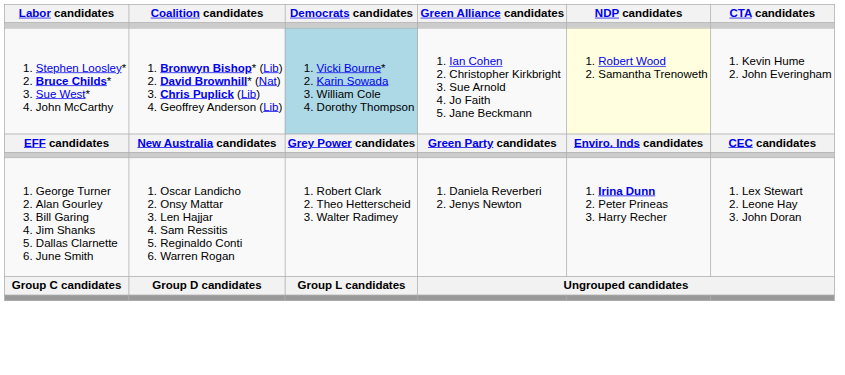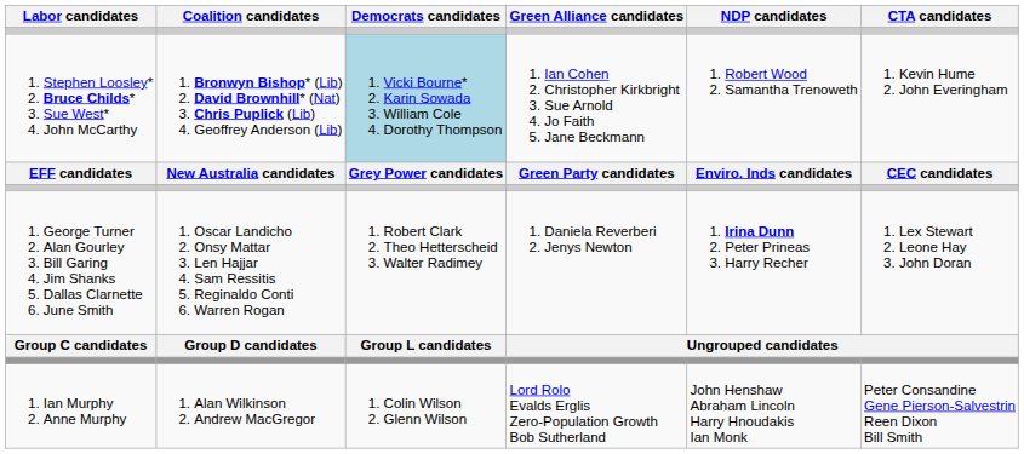 <table class="wikitable">
 <tr>
 <th><a href='#'>Labor</a> candidates</th>
 <th><a href='#'>Coalition</a> candidates</th>
 <th><a href='#'>Democrats</a> candidates</th>
 <th><a href='#'>Green Alliance</a> candidates</th>
 <th><a href='#'>NDP</a> candidates</th>
 <th><a href='#'>CTA</a> candidates</th>
 </tr>
 <tr bgcolor="#cccccc">
 <td></td>
 <td></td>
 <td></td>
 <td></td>
 <td></td>
 <td></td>
 </tr>
 <tr>
 <td><br><ol><li><a href='#'>Stephen Loosley</a>*</li><li><strong><a href='#'>Bruce Childs</a></strong>*</li><li><a href='#'>Sue West</a>*</li><li>John McCarthy</li></ol></td>
 <td><br><ol><li><strong><a href='#'>Bronwyn Bishop</a></strong>* (<a href='#'>Lib</a>)</li><li><strong><a href='#'>David Brownhill</a></strong>* (<a href='#'>Nat</a>)</li><li><strong><a href='#'>Chris Puplick</a></strong> (<a href='#'>Lib</a>)</li><li>Geoffrey Anderson (<a href='#'>Lib</a>)</li></ol></td>
 <td style="background: lightblue;"><br><ol><li><a href='#'>Vicki Bourne</a>*</li><li><a href='#'>Karin Sowada</a></li><li>William Cole</li><li>Dorothy Thompson</li></ol></td>
 <td valign=top><br><ol><li><a href='#'>Ian Cohen</a></li><li>Christopher Kirkbright</li><li>Sue Arnold</li><li>Jo Faith</li><li>Jane Beckmann</li></ol></td>
-<td valign=top style="background: lightyellow;"><br><ol><li><a href='#'>Robert Wood</a></li><li>Samantha Trenoweth</li></ol></td>
+<td valign=top><br><ol><li><a href='#'>Robert Wood</a></li><li>Samantha Trenoweth</li></ol></td>
 <td valign=top><br><ol><li>Kevin Hume</li><li>John Everingham</li></ol></td>
 </tr>
 <tr bgcolor="#cccccc">
 <th><a href='#'>EFF</a> candidates</th>
 <th><a href='#'>New Australia</a> candidates</th>
 <th><a href='#'>Grey Power</a> candidates</th>
 <th><a href='#'>Green Party</a> candidates</th>
 <th><a href='#'>Enviro. Inds</a> candidates</th>
 <th><a href='#'>CEC</a> candidates</th>
 </tr>
 <tr bgcolor="#cccccc">
 <td></td>
 <td></td>
 <td></td>
 <td></td>
 <td></td>
 <td></td>
 </tr>
 <tr>
 <td valign=top><br><ol><li>George Turner</li><li>Alan Gourley</li><li>Bill Garing</li><li>Jim Shanks</li><li>Dallas Clarnette</li><li>June Smith</li></ol></td>
 <td valign=top><br><ol><li>Oscar Landicho</li><li>Onsy Mattar</li><li>Len Hajjar</li><li>Sam Ressitis</li><li>Reginaldo Conti</li><li>Warren Rogan</li></ol></td>
 <td valign=top><br><ol><li>Robert Clark</li><li>Theo Hetterscheid</li><li>Walter Radimey</li></ol></td>
 <td valign=top><br><ol><li>Daniela Reverberi</li><li>Jenys Newton</li></ol></td>
 <td valign=top><br><ol><li><strong><a href='#'>Irina Dunn</a></strong></li><li>Peter Prineas</li><li>Harry Recher</li></ol></td>
 <td valign=top><br><ol><li>Lex Stewart</li><li>Leone Hay</li><li>John Doran</li></ol></td>
 </tr>
 <tr bgcolor="#cccccc">
 <th>Group C candidates</th>
 <th>Group D candidates</th>
 <th>Group L candidates</th>
 <th colspan="3">Ungrouped candidates</th>
 </tr>
 <tr bgcolor="#cccccc">
 <td bgcolor="#999999"></td>
 <td bgcolor="#999999"></td>
 <td bgcolor="#999999"></td>
 <td bgcolor="#999999"></td>
 <td bgcolor="#999999"></td>
 <td bgcolor="#999999"></td>
 </tr>
+<tr>
+<td valign=top><br><ol><li>Ian Murphy</li><li>Anne Murphy</li></ol></td>
+<td valign=top><br><ol><li>Alan Wilkinson</li><li>Andrew MacGregor</li></ol></td>
+<td valign=top><br><ol><li>Colin Wilson</li><li>Glenn Wilson</li></ol></td>
+<td valign=top><br><a href='#'>Lord Rolo</a><br> Evalds Erglis<br> Zero-Population Growth<br> Bob Sutherland</td>
+<td valign=top><br>John Henshaw<br> Abraham Lincoln<br> Harry Hnoudakis<br> Ian Monk</td>
+<td valign=top><br>Peter Consandine<br> <a href='#'>Gene Pierson-Salvestrin</a><br> Reen Dixon<br> Bill Smith</td>
+</tr>
 </table>
